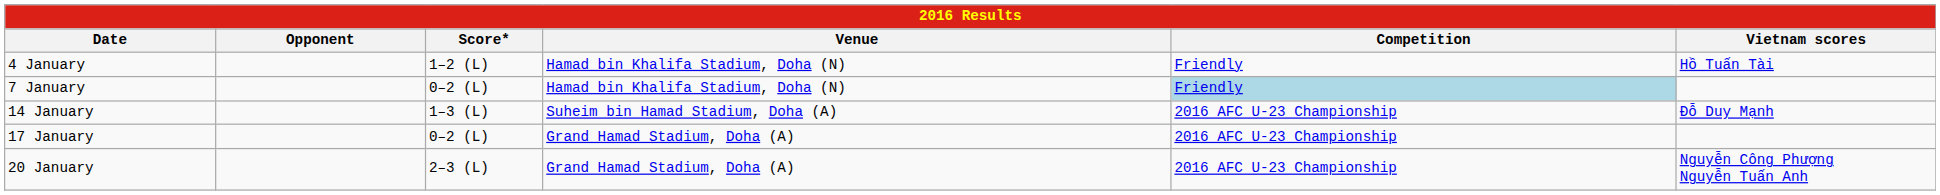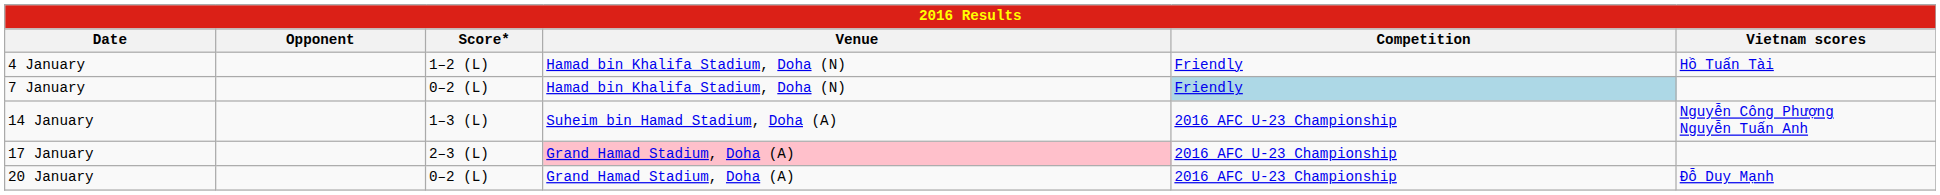 <table class="wikitable" width=100% style="text-align:left;font-size:90%;">
 <tr>
 <th colspan=9 style="background: #DB2017; color: #FFFF00;">2016 Results</th>
 </tr>
 <tr>
 <th width=80>Date</th>
 <th width=80>Opponent</th>
 <th width=20>Score*</th>
 <th width=250>Venue</th>
 <th width=200>Competition</th>
 <th width=100>Vietnam scores</th>
 </tr>
 <tr>
 <td>4 January</td>
 <td></td>
 <td>1–2 (L)</td>
 <td><a href='#'>Hamad bin Khalifa Stadium</a>, <a href='#'>Doha</a> (N)</td>
 <td><a href='#'>Friendly</a></td>
 <td><a href='#'>Hồ Tuấn Tài</a> </td>
 </tr>
 <tr>
 <td>7 January</td>
 <td></td>
 <td>0–2 (L)</td>
 <td><a href='#'>Hamad bin Khalifa Stadium</a>, <a href='#'>Doha</a> (N)</td>
 <td style="background: lightblue;"><a href='#'>Friendly</a></td>
 <td></td>
 </tr>
 <tr>
 <td>14 January</td>
 <td></td>
 <td>1–3 (L)</td>
 <td><a href='#'>Suheim bin Hamad Stadium</a>, <a href='#'>Doha</a> (A)</td>
 <td><a href='#'>2016 AFC U-23 Championship</a></td>
-<td><a href='#'>Đỗ Duy Mạnh</a> </td>
+<td><a href='#'>Nguyễn Công Phượng</a> <br><a href='#'>Nguyễn Tuấn Anh</a> </td>
 </tr>
 <tr>
 <td>17 January</td>
 <td></td>
-<td>0–2 (L)</td>
-<td><a href='#'>Grand Hamad Stadium</a>, <a href='#'>Doha</a> (A)</td>
+<td>2–3 (L)</td>
+<td style="background: pink;"><a href='#'>Grand Hamad Stadium</a>, <a href='#'>Doha</a> (A)</td>
 <td><a href='#'>2016 AFC U-23 Championship</a></td>
 <td></td>
 </tr>
 <tr>
 <td>20 January</td>
 <td></td>
-<td>2–3 (L)</td>
+<td>0–2 (L)</td>
 <td><a href='#'>Grand Hamad Stadium</a>, <a href='#'>Doha</a> (A)</td>
 <td><a href='#'>2016 AFC U-23 Championship</a></td>
-<td><a href='#'>Nguyễn Công Phượng</a> <br><a href='#'>Nguyễn Tuấn Anh</a> </td>
+<td><a href='#'>Đỗ Duy Mạnh</a> </td>
 </tr>
 </table>
